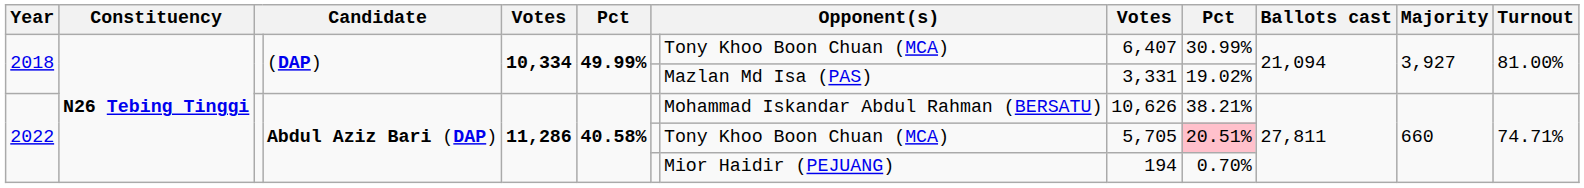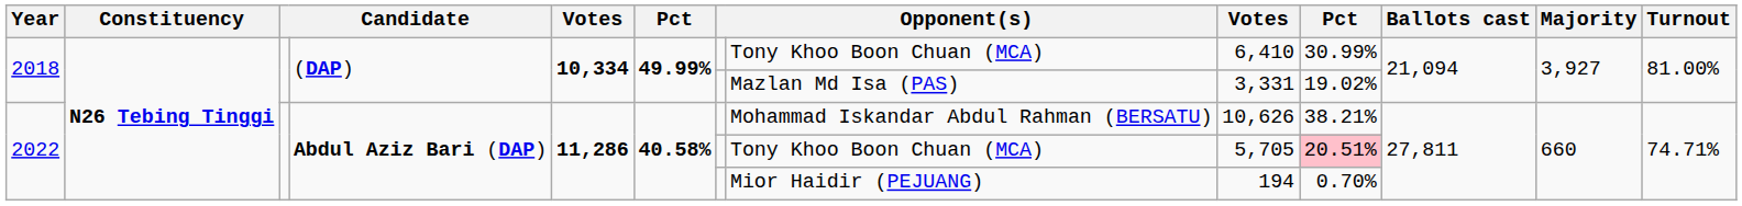 <table class="wikitable" style="margin:0.5em ; font-size:95%">
 <tr>
 <th>Year</th>
 <th>Constituency</th>
 <th colspan=2>Candidate</th>
 <th>Votes</th>
 <th>Pct</th>
 <th colspan=2>Opponent(s)</th>
 <th>Votes</th>
 <th>Pct</th>
 <th>Ballots cast</th>
 <th>Majority</th>
 <th>Turnout</th>
 </tr>
 <tr>
 <td rowspan="2"><a href='#'>2018</a></td>
 <td rowspan=5><strong>N26 <a href='#'>Tebing Tinggi</a></strong></td>
 <td rowspan="2" ></td>
 <td rowspan="2"> (<a href='#'><strong>DAP</strong></a>)</td>
 <td rowspan="2" align=right><strong>10,334</strong></td>
 <td rowspan="2"><strong>49.99%</strong></td>
 <td></td>
 <td>Tony Khoo Boon Chuan (<a href='#'>MCA</a>)</td>
-<td align=right>6,407</td>
+<td align=right>6,410</td>
 <td>30.99%</td>
 <td rowspan="2">21,094</td>
 <td rowspan="2">3,927</td>
 <td rowspan="2">81.00%</td>
 </tr>
 <tr>
 <td></td>
 <td>Mazlan Md Isa (<a href='#'>PAS</a>)</td>
 <td align=right>3,331</td>
 <td>19.02%</td>
 </tr>
 <tr>
 <td rowspan="3"><a href='#'>2022</a></td>
 <td rowspan="3" ></td>
 <td rowspan="3"><strong>Abdul Aziz Bari</strong> (<a href='#'><strong>DAP</strong></a>)</td>
 <td rowspan="3" align=right><strong>11,286</strong></td>
 <td rowspan="3"><strong>40.58%</strong></td>
 <td bgcolor=></td>
 <td>Mohammad Iskandar Abdul Rahman (<a href='#'>BERSATU</a>)</td>
 <td align=right>10,626</td>
 <td>38.21%</td>
 <td rowspan="3">27,811</td>
 <td rowspan="3">660</td>
 <td rowspan="3">74.71%</td>
 </tr>
 <tr>
 <td></td>
 <td>Tony Khoo Boon Chuan (<a href='#'>MCA</a>)</td>
 <td align=right>5,705</td>
 <td style="background: pink;">20.51%</td>
 </tr>
 <tr>
 <td></td>
 <td>Mior Haidir (<a href='#'>PEJUANG</a>)</td>
 <td align=right>194</td>
 <td align=right>0.70%</td>
 </tr>
 </table>
